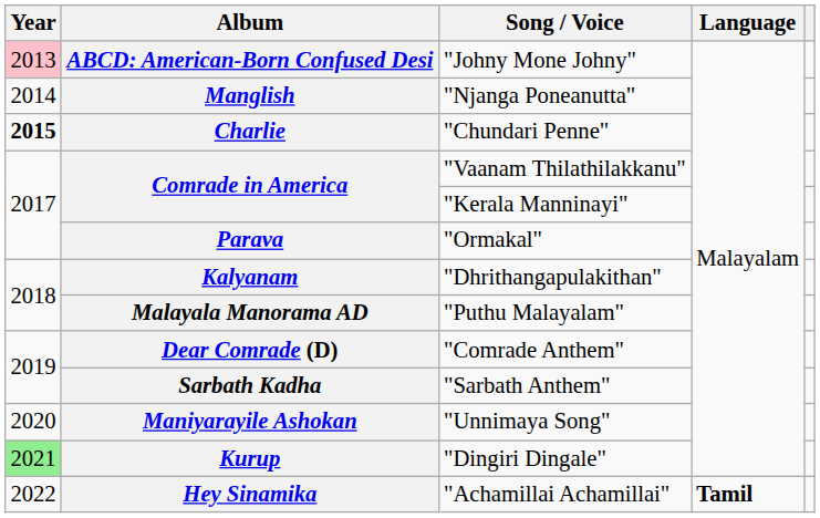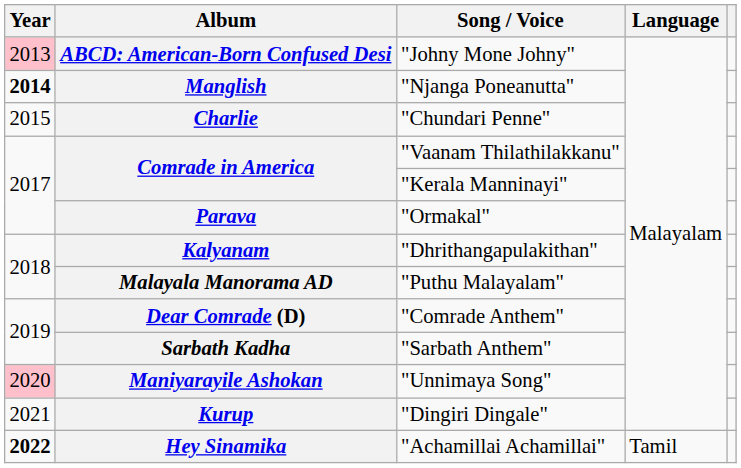 <table class="wikitable sortable plainrowheaders">
 <tr>
 <th scope="col">Year</th>
 <th scope="col">Album</th>
 <th scope="col">Song / Voice</th>
 <th scope="col">Language</th>
 <th scope="col" class="unsortable"></th>
 </tr>
 <tr>
 <td style="background: pink;">2013</td>
 <th scope="row"><em><a href='#'>ABCD: American-Born Confused Desi</a></em></th>
 <td>"Johny Mone Johny"</td>
 <td rowspan="12">Malayalam</td>
 <td></td>
 </tr>
 <tr>
-<td>2014</td>
+<td><strong>2014</strong></td>
 <th scope="row"><em><a href='#'>Manglish</a></em></th>
 <td>"Njanga Poneanutta"</td>
 <td></td>
 </tr>
 <tr>
-<td><strong>2015</strong></td>
+<td>2015</td>
 <th scope="row"><em><a href='#'>Charlie</a></em></th>
 <td>"Chundari Penne"</td>
 <td></td>
 </tr>
 <tr>
 <td rowspan="3">2017</td>
 <th scope="row" rowspan="2"><em><a href='#'>Comrade in America</a></em></th>
 <td>"Vaanam Thilathilakkanu"</td>
 <td></td>
 </tr>
 <tr>
 <td>"Kerala Manninayi"</td>
 <td></td>
 </tr>
 <tr>
 <th scope="row"><em><a href='#'>Parava</a></em></th>
 <td>"Ormakal"</td>
 <td></td>
 </tr>
 <tr>
 <td rowspan="2">2018</td>
 <th scope="row"><em><a href='#'>Kalyanam</a></em></th>
 <td>"Dhrithangapulakithan"</td>
 <td></td>
 </tr>
 <tr>
 <th scope="row"><em>Malayala Manorama AD</em></th>
 <td>"Puthu Malayalam"</td>
 <td></td>
 </tr>
 <tr>
 <td rowspan="2">2019</td>
 <th scope="row"><em><a href='#'>Dear Comrade</a></em> <strong>(D)</strong></th>
 <td>"Comrade Anthem"</td>
 <td></td>
 </tr>
 <tr>
 <th scope="row"><em>Sarbath Kadha</em></th>
 <td>"Sarbath Anthem"</td>
 <td></td>
 </tr>
 <tr>
-<td>2020</td>
+<td style="background: pink;">2020</td>
 <th scope="row"><em><a href='#'>Maniyarayile Ashokan</a></em></th>
 <td>"Unnimaya Song"</td>
 <td></td>
 </tr>
 <tr>
-<td style="background: lightgreen;">2021</td>
+<td>2021</td>
 <th scope="row"><em><a href='#'>Kurup</a></em></th>
 <td>"Dingiri Dingale"</td>
 <td></td>
 </tr>
 <tr>
-<td>2022</td>
+<td><strong>2022</strong></td>
 <th scope="row"><em><a href='#'>Hey Sinamika</a></em></th>
 <td>"Achamillai Achamillai"</td>
-<td><strong>Tamil</strong></td>
+<td>Tamil</td>
 <td></td>
 </tr>
 </table>
